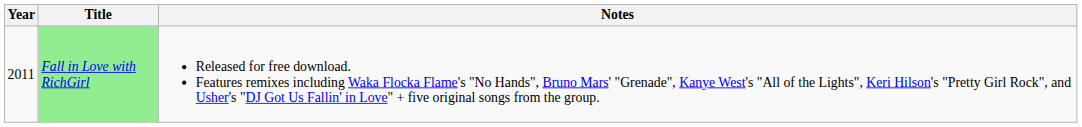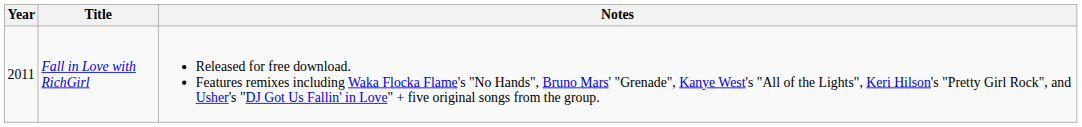 <table class="wikitable">
 <tr>
 <th>Year</th>
 <th>Title</th>
 <th>Notes</th>
 </tr>
 <tr>
 <td>2011</td>
-<td style="background: lightgreen;"><em><a href='#'>Fall in Love with RichGirl</a></em></td>
+<td><em><a href='#'>Fall in Love with RichGirl</a></em></td>
 <td align="left"><br><ul><li>Released for free download.</li><li>Features remixes including <a href='#'>Waka Flocka Flame</a>'s "No Hands", <a href='#'>Bruno Mars</a>' "Grenade", <a href='#'>Kanye West</a>'s "All of the Lights", <a href='#'>Keri Hilson</a>'s "Pretty Girl Rock", and <a href='#'>Usher</a>'s "<a href='#'>DJ Got Us Fallin' in Love</a>" + five original songs from the group.</li></ul></td>
 </tr>
 </table>
